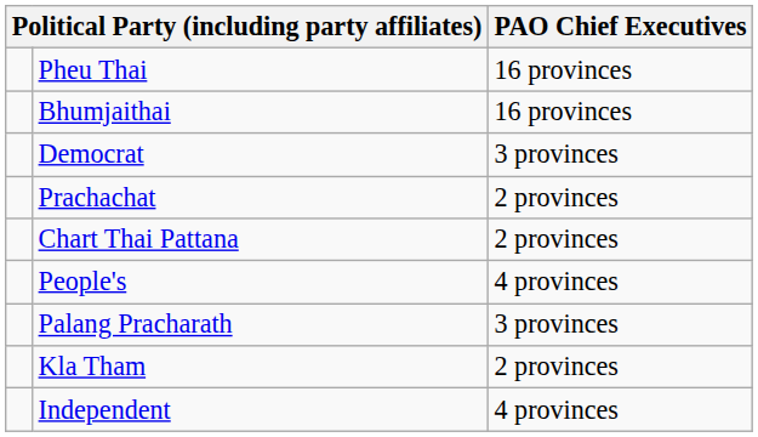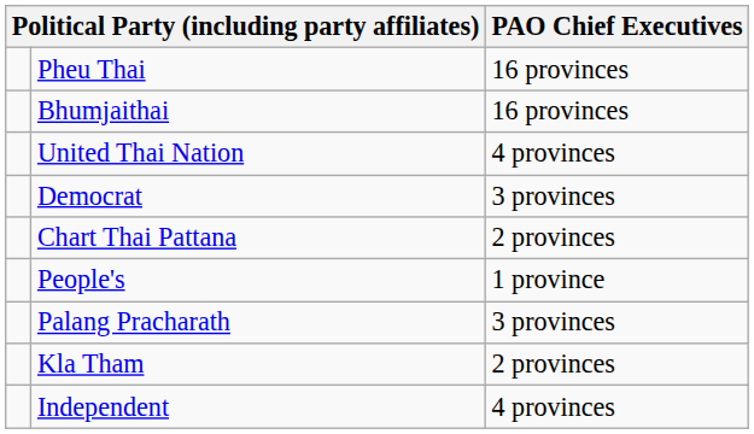 <table class="wikitable">
 <tr>
 <th colspan="2">Political Party (including party affiliates)</th>
 <th>PAO Chief Executives</th>
 </tr>
 <tr>
 <td style="color:inherit;background:"></td>
 <td><a href='#'>Pheu Thai</a></td>
 <td>16 provinces</td>
 </tr>
 <tr>
 <td style="color:inherit;background:"></td>
 <td><a href='#'>Bhumjaithai</a></td>
 <td>16 provinces</td>
 </tr>
 <tr>
 <td style="color:inherit;background:"></td>
-<td><a href='#'>Democrat</a></td>
-<td>3 provinces</td>
+<td><a href='#'>United Thai Nation</a></td>
+<td>4 provinces</td>
 </tr>
 <tr>
 <td style="color:inherit;background:"></td>
-<td><a href='#'>Prachachat</a></td>
-<td>2 provinces</td>
+<td><a href='#'>Democrat</a></td>
+<td>3 provinces</td>
 </tr>
 <tr>
 <td style="color:inherit;background:"></td>
 <td><a href='#'>Chart Thai Pattana</a></td>
 <td>2 provinces</td>
 </tr>
 <tr>
 <td style="color:inherit;background:"></td>
 <td><a href='#'>People's</a></td>
-<td>4 provinces</td>
+<td>1 province</td>
 </tr>
 <tr>
 <td style="color:inherit;background:"></td>
 <td><a href='#'>Palang Pracharath</a></td>
 <td>3 provinces</td>
 </tr>
 <tr>
 <td style="color:inherit;background:"></td>
 <td><a href='#'>Kla Tham</a></td>
 <td>2 provinces</td>
 </tr>
 <tr>
 <td style="color:inherit;background:"></td>
 <td><a href='#'>Independent</a></td>
 <td>4 provinces</td>
 </tr>
 </table>
